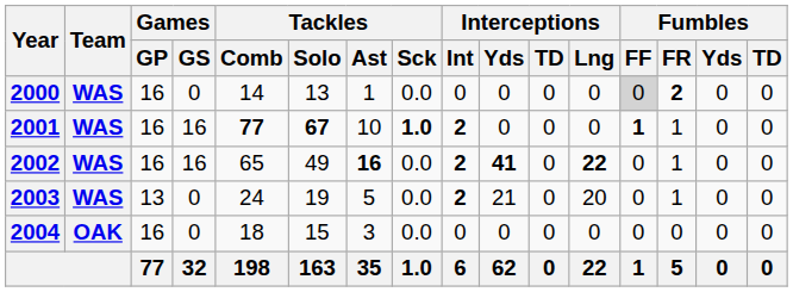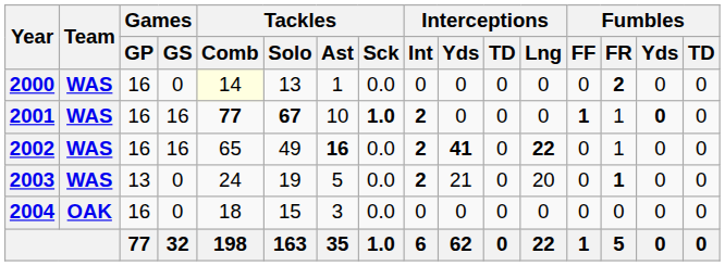 <table class="wikitable" style="text-align:center">
 <tr>
 <th rowspan="2">Year</th>
 <th rowspan="2">Team</th>
 <th colspan="2">Games</th>
 <th colspan="4">Tackles</th>
 <th colspan="4">Interceptions</th>
 <th colspan="4">Fumbles</th>
 </tr>
 <tr>
 <th>GP</th>
 <th>GS</th>
 <th>Comb</th>
 <th>Solo</th>
 <th>Ast</th>
 <th>Sck</th>
 <th>Int</th>
 <th>Yds</th>
 <th>TD</th>
 <th>Lng</th>
 <th>FF</th>
 <th>FR</th>
 <th>Yds</th>
 <th>TD</th>
 </tr>
 <tr>
 <th><a href='#'>2000</a></th>
 <th><a href='#'>WAS</a></th>
 <td>16</td>
 <td>0</td>
-<td>14</td>
+<td style="background: lightyellow;">14</td>
 <td>13</td>
 <td>1</td>
 <td>0.0</td>
 <td>0</td>
 <td>0</td>
 <td>0</td>
 <td>0</td>
-<td style="background: lightgrey;">0</td>
+<td>0</td>
 <td><strong>2</strong></td>
 <td>0</td>
 <td>0</td>
 </tr>
 <tr>
 <th><a href='#'>2001</a></th>
 <th><a href='#'>WAS</a></th>
 <td>16</td>
 <td>16</td>
 <td><strong>77</strong></td>
 <td><strong>67</strong></td>
 <td>10</td>
 <td><strong>1.0</strong></td>
 <td><strong>2</strong></td>
 <td>0</td>
 <td>0</td>
 <td>0</td>
 <td><strong>1</strong></td>
 <td>1</td>
-<td>0</td>
+<td><strong>0</strong></td>
 <td>0</td>
 </tr>
 <tr>
 <th><a href='#'>2002</a></th>
 <th><a href='#'>WAS</a></th>
 <td>16</td>
 <td>16</td>
 <td>65</td>
 <td>49</td>
 <td><strong>16</strong></td>
 <td>0.0</td>
 <td><strong>2</strong></td>
 <td><strong>41</strong></td>
 <td>0</td>
 <td><strong>22</strong></td>
 <td>0</td>
 <td>1</td>
 <td>0</td>
 <td>0</td>
 </tr>
 <tr>
 <th><a href='#'>2003</a></th>
 <th><a href='#'>WAS</a></th>
 <td>13</td>
 <td>0</td>
 <td>24</td>
 <td>19</td>
 <td>5</td>
 <td>0.0</td>
 <td><strong>2</strong></td>
 <td>21</td>
 <td>0</td>
 <td>20</td>
 <td>0</td>
-<td>1</td>
+<td><strong>1</strong></td>
 <td>0</td>
 <td>0</td>
 </tr>
 <tr>
 <th><a href='#'>2004</a></th>
 <th><a href='#'>OAK</a></th>
 <td>16</td>
 <td>0</td>
 <td>18</td>
 <td>15</td>
 <td>3</td>
 <td>0.0</td>
 <td>0</td>
 <td>0</td>
 <td>0</td>
 <td>0</td>
 <td>0</td>
 <td>0</td>
 <td>0</td>
 <td>0</td>
 </tr>
 <tr>
 <th colspan="2"></th>
 <th>77</th>
 <th>32</th>
 <th>198</th>
 <th>163</th>
 <th>35</th>
 <th>1.0</th>
 <th>6</th>
 <th>62</th>
 <th>0</th>
 <th>22</th>
 <th>1</th>
 <th>5</th>
 <th>0</th>
 <th>0</th>
 </tr>
 </table>
